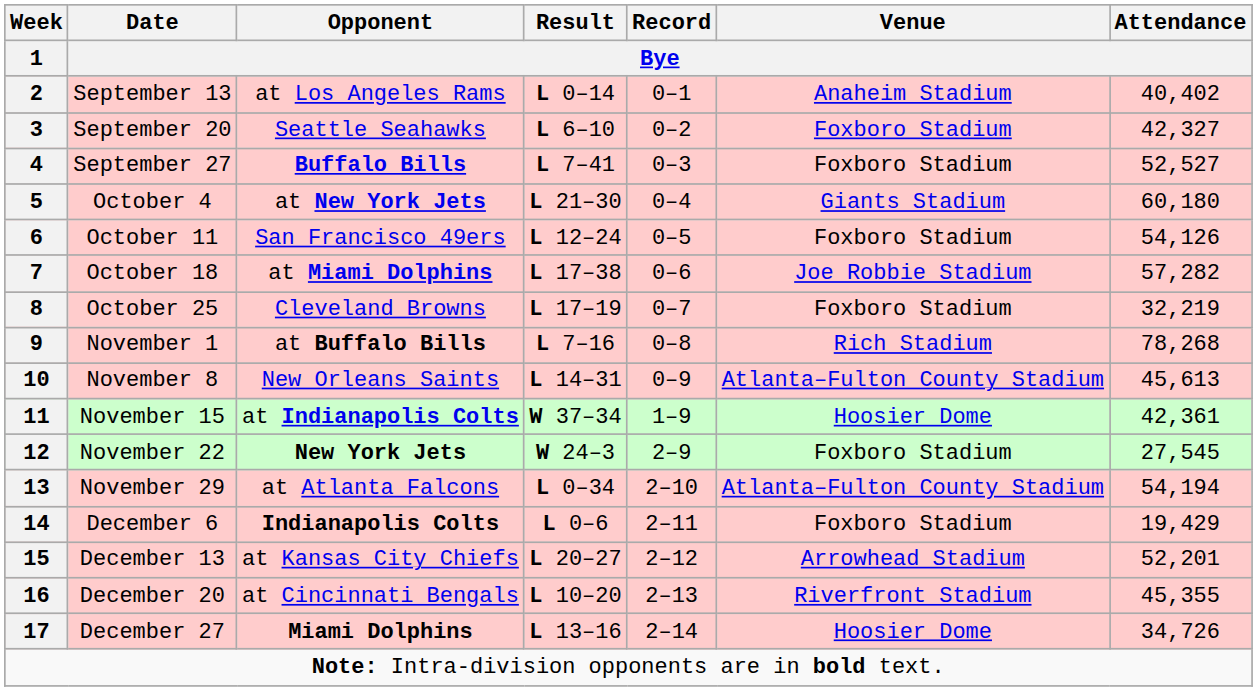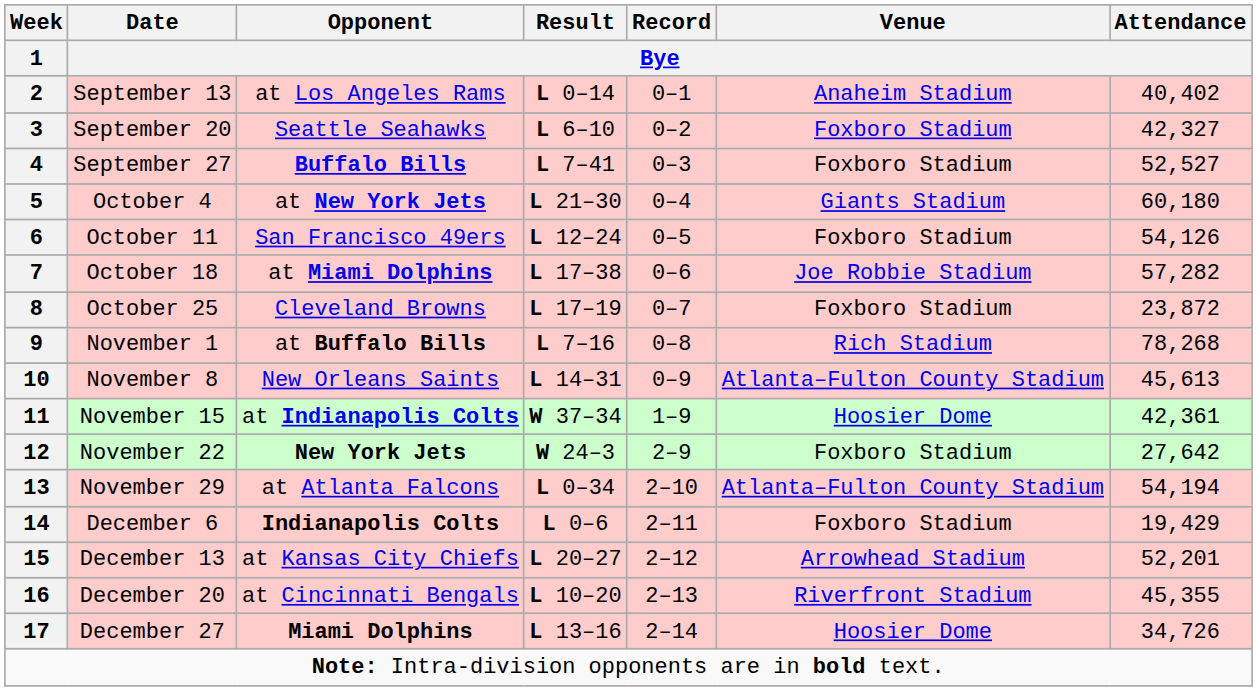 <table class="wikitable" style="text-align:center">
 <tr>
 <th>Week</th>
 <th>Date</th>
 <th>Opponent</th>
 <th>Result</th>
 <th>Record</th>
 <th>Venue</th>
 <th>Attendance</th>
 </tr>
 <tr>
 <th>1</th>
 <th colspan="6"><a href='#'>Bye</a></th>
 </tr>
 <tr style="background:#fcc">
 <th>2</th>
 <td>September 13</td>
 <td>at <a href='#'>Los Angeles Rams</a></td>
 <td><strong>L</strong> 0–14</td>
 <td>0–1</td>
 <td><a href='#'>Anaheim Stadium</a></td>
 <td>40,402</td>
 </tr>
 <tr style="background:#fcc">
 <th>3</th>
 <td>September 20</td>
 <td><a href='#'>Seattle Seahawks</a></td>
 <td><strong>L</strong> 6–10</td>
 <td>0–2</td>
 <td><a href='#'>Foxboro Stadium</a></td>
 <td>42,327</td>
 </tr>
 <tr style="background:#fcc">
 <th>4</th>
 <td>September 27</td>
 <td><strong><a href='#'>Buffalo Bills</a></strong></td>
 <td><strong>L</strong> 7–41</td>
 <td>0–3</td>
 <td>Foxboro Stadium</td>
 <td>52,527</td>
 </tr>
 <tr style="background:#fcc">
 <th>5</th>
 <td>October 4</td>
 <td>at <strong><a href='#'>New York Jets</a></strong></td>
 <td><strong>L</strong> 21–30</td>
 <td>0–4</td>
 <td><a href='#'>Giants Stadium</a></td>
 <td>60,180</td>
 </tr>
 <tr style="background:#fcc">
 <th>6</th>
 <td>October 11</td>
 <td><a href='#'>San Francisco 49ers</a></td>
 <td><strong>L</strong> 12–24</td>
 <td>0–5</td>
 <td>Foxboro Stadium</td>
 <td>54,126</td>
 </tr>
 <tr style="background:#fcc">
 <th>7</th>
 <td>October 18</td>
 <td>at <strong><a href='#'>Miami Dolphins</a></strong></td>
 <td><strong>L</strong> 17–38</td>
 <td>0–6</td>
 <td><a href='#'>Joe Robbie Stadium</a></td>
 <td>57,282</td>
 </tr>
 <tr style="background:#fcc">
 <th>8</th>
 <td>October 25</td>
 <td><a href='#'>Cleveland Browns</a></td>
 <td><strong>L</strong> 17–19</td>
 <td>0–7</td>
 <td>Foxboro Stadium</td>
-<td>32,219</td>
+<td>23,872</td>
 </tr>
 <tr style="background:#fcc">
 <th>9</th>
 <td>November 1</td>
 <td>at <strong>Buffalo Bills</strong></td>
 <td><strong>L</strong> 7–16</td>
 <td>0–8</td>
 <td><a href='#'>Rich Stadium</a></td>
 <td>78,268</td>
 </tr>
 <tr style="background:#fcc">
 <th>10</th>
 <td>November 8</td>
 <td><a href='#'>New Orleans Saints</a></td>
 <td><strong>L</strong> 14–31</td>
 <td>0–9</td>
 <td><a href='#'>Atlanta–Fulton County Stadium</a></td>
 <td>45,613</td>
 </tr>
 <tr style="background:#cfc">
 <th>11</th>
 <td>November 15</td>
 <td>at <strong><a href='#'>Indianapolis Colts</a></strong></td>
 <td><strong>W</strong> 37–34 </td>
 <td>1–9</td>
 <td><a href='#'>Hoosier Dome</a></td>
 <td>42,361</td>
 </tr>
 <tr style="background:#cfc">
 <th>12</th>
 <td>November 22</td>
 <td><strong>New York Jets</strong></td>
 <td><strong>W</strong> 24–3</td>
 <td>2–9</td>
 <td>Foxboro Stadium</td>
-<td>27,545</td>
+<td>27,642</td>
 </tr>
 <tr style="background:#fcc">
 <th>13</th>
 <td>November 29</td>
 <td>at <a href='#'>Atlanta Falcons</a></td>
 <td><strong>L</strong> 0–34</td>
 <td>2–10</td>
 <td><a href='#'>Atlanta–Fulton County Stadium</a></td>
 <td>54,194</td>
 </tr>
 <tr style="background:#fcc">
 <th>14</th>
 <td>December 6</td>
 <td><strong>Indianapolis Colts</strong></td>
 <td><strong>L</strong> 0–6</td>
 <td>2–11</td>
 <td>Foxboro Stadium</td>
 <td>19,429</td>
 </tr>
 <tr style="background:#fcc">
 <th>15</th>
 <td>December 13</td>
 <td>at <a href='#'>Kansas City Chiefs</a></td>
 <td><strong>L</strong> 20–27</td>
 <td>2–12</td>
 <td><a href='#'>Arrowhead Stadium</a></td>
 <td>52,201</td>
 </tr>
 <tr style="background:#fcc">
 <th>16</th>
 <td>December 20</td>
 <td>at <a href='#'>Cincinnati Bengals</a></td>
 <td><strong>L</strong> 10–20</td>
 <td>2–13</td>
 <td><a href='#'>Riverfront Stadium</a></td>
 <td>45,355</td>
 </tr>
 <tr style="background:#fcc">
 <th>17</th>
 <td>December 27</td>
 <td><strong>Miami Dolphins</strong></td>
 <td><strong>L</strong> 13–16 </td>
 <td>2–14</td>
 <td><a href='#'>Hoosier Dome</a></td>
 <td>34,726</td>
 </tr>
 <tr>
 <td colspan="8"><strong>Note:</strong> Intra-division opponents are in <strong>bold</strong> text.</td>
 </tr>
 </table>
